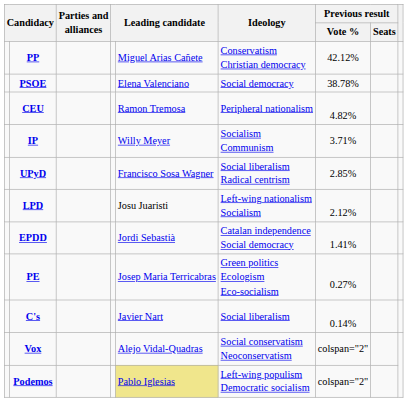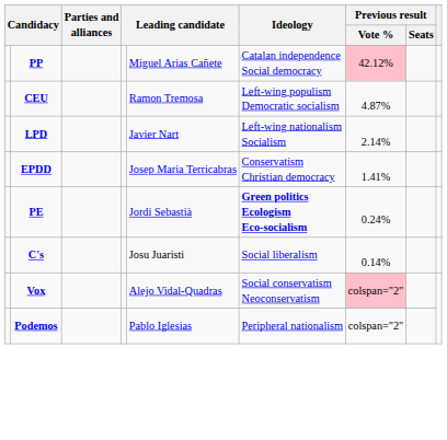 <table class="wikitable" style="line-height:1.35em; text-align:left;">
 <tr>
 <th colspan="2" rowspan="2">Candidacy</th>
 <th rowspan="2">Parties and<br>alliances</th>
 <th colspan="2" rowspan="2">Leading candidate</th>
 <th rowspan="2">Ideology</th>
 <th colspan="2">Previous result</th>
 <th rowspan="2"></th>
 </tr>
 <tr>
 <th>Vote %</th>
 <th>Seats</th>
 </tr>
 <tr>
 <td width="1" style="color:inherit;background:"></td>
 <td align="center"><strong><a href='#'>PP</a></strong></td>
 <td></td>
 <td></td>
 <td><a href='#'>Miguel Arias Cañete</a></td>
-<td><a href='#'>Conservatism</a><br><a href='#'>Christian democracy</a></td>
-<td align="center">42.12%</td>
-<td></td>
-<td></td>
-</tr>
-<tr>
-<td style="color:inherit;background:"></td>
-<td align="center"><strong><a href='#'>PSOE</a></strong></td>
-<td></td>
-<td></td>
-<td><a href='#'>Elena Valenciano</a></td>
-<td><a href='#'>Social democracy</a></td>
-<td align="center">38.78%</td>
+<td><a href='#'>Catalan independence</a><br><a href='#'>Social democracy</a></td>
+<td align="center" style="background: pink;">42.12%</td>
 <td></td>
 <td></td>
 </tr>
 <tr>
 <td style="color:inherit;background:"></td>
 <td align="center"><strong><a href='#'>CEU</a></strong></td>
 <td></td>
 <td></td>
 <td><a href='#'>Ramon Tremosa</a></td>
-<td><a href='#'>Peripheral nationalism</a></td>
-<td align="center"><br>4.82%<br></td>
-<td></td>
-<td></td>
-</tr>
-<tr>
-<td style="color:inherit;background:"></td>
-<td align="center"><strong><a href='#'>IP</a></strong></td>
-<td></td>
-<td></td>
-<td><a href='#'>Willy Meyer</a></td>
-<td><a href='#'>Socialism</a><br><a href='#'>Communism</a></td>
-<td align="center">3.71%</td>
-<td></td>
-<td></td>
-</tr>
-<tr>
-<td style="color:inherit;background:"></td>
-<td align="center"><strong><a href='#'>UPyD</a></strong></td>
-<td></td>
-<td></td>
-<td><a href='#'>Francisco Sosa Wagner</a></td>
-<td><a href='#'>Social liberalism</a><br><a href='#'>Radical centrism</a></td>
-<td align="center">2.85%</td>
+<td><a href='#'>Left-wing populism</a><br><a href='#'>Democratic socialism</a></td>
+<td align="center"><br>4.87%<br></td>
 <td></td>
 <td></td>
 </tr>
 <tr>
 <td style="color:inherit;background:"></td>
 <td align="center"><strong><a href='#'>LPD</a></strong></td>
 <td></td>
 <td></td>
-<td>Josu Juaristi</td>
+<td><a href='#'>Javier Nart</a></td>
 <td><a href='#'>Left-wing nationalism</a><br><a href='#'>Socialism</a></td>
-<td align="center"><br>2.12%<br></td>
+<td align="center"><br>2.14%<br></td>
 <td></td>
 <td></td>
 </tr>
 <tr>
 <td style="color:inherit;background:"></td>
 <td align="center"><strong><a href='#'>EPDD</a></strong></td>
 <td></td>
 <td></td>
-<td><a href='#'>Jordi Sebastià</a></td>
-<td><a href='#'>Catalan independence</a><br><a href='#'>Social democracy</a></td>
+<td><a href='#'>Josep Maria Terricabras</a></td>
+<td><a href='#'>Conservatism</a><br><a href='#'>Christian democracy</a></td>
 <td align="center"><br>1.41%<br></td>
 <td></td>
 <td></td>
 </tr>
 <tr>
 <td style="color:inherit;background:"></td>
 <td align="center"><strong><a href='#'>PE</a></strong></td>
 <td></td>
 <td></td>
-<td><a href='#'>Josep Maria Terricabras</a></td>
-<td><a href='#'>Green politics</a><br><a href='#'>Ecologism</a><br><a href='#'>Eco-socialism</a></td>
-<td align="center"><br>0.27%<br></td>
+<td><a href='#'>Jordi Sebastià</a></td>
+<td><strong><a href='#'>Green politics</a><br><a href='#'>Ecologism</a><br><a href='#'>Eco-socialism</a></strong></td>
+<td align="center"><br>0.24%<br></td>
 <td></td>
 <td></td>
 </tr>
 <tr>
 <td style="color:inherit;background:"></td>
 <td align="center"><strong><a href='#'>C's</a></strong></td>
 <td></td>
 <td></td>
-<td><a href='#'>Javier Nart</a></td>
+<td>Josu Juaristi</td>
 <td><a href='#'>Social liberalism</a></td>
 <td align="center"><br>0.14%<br></td>
 <td></td>
 <td></td>
 </tr>
 <tr>
 <td style="color:inherit;background:"></td>
 <td align="center"><strong><a href='#'>Vox</a></strong></td>
 <td></td>
 <td></td>
 <td><a href='#'>Alejo Vidal-Quadras</a></td>
 <td><a href='#'>Social conservatism</a><br><a href='#'>Neoconservatism</a></td>
-<td>colspan="2" </td>
+<td style="background: pink;">colspan="2" </td>
 <td><br></td>
 </tr>
 <tr>
 <td style="color:inherit;background:"></td>
 <td align="center"><strong><a href='#'>Podemos</a></strong></td>
 <td></td>
 <td></td>
-<td style="background: khaki;"><a href='#'>Pablo Iglesias</a></td>
-<td><a href='#'>Left-wing populism</a><br><a href='#'>Democratic socialism</a></td>
+<td><a href='#'>Pablo Iglesias</a></td>
+<td><a href='#'>Peripheral nationalism</a></td>
 <td>colspan="2" </td>
 <td><br><br></td>
 </tr>
 </table>
